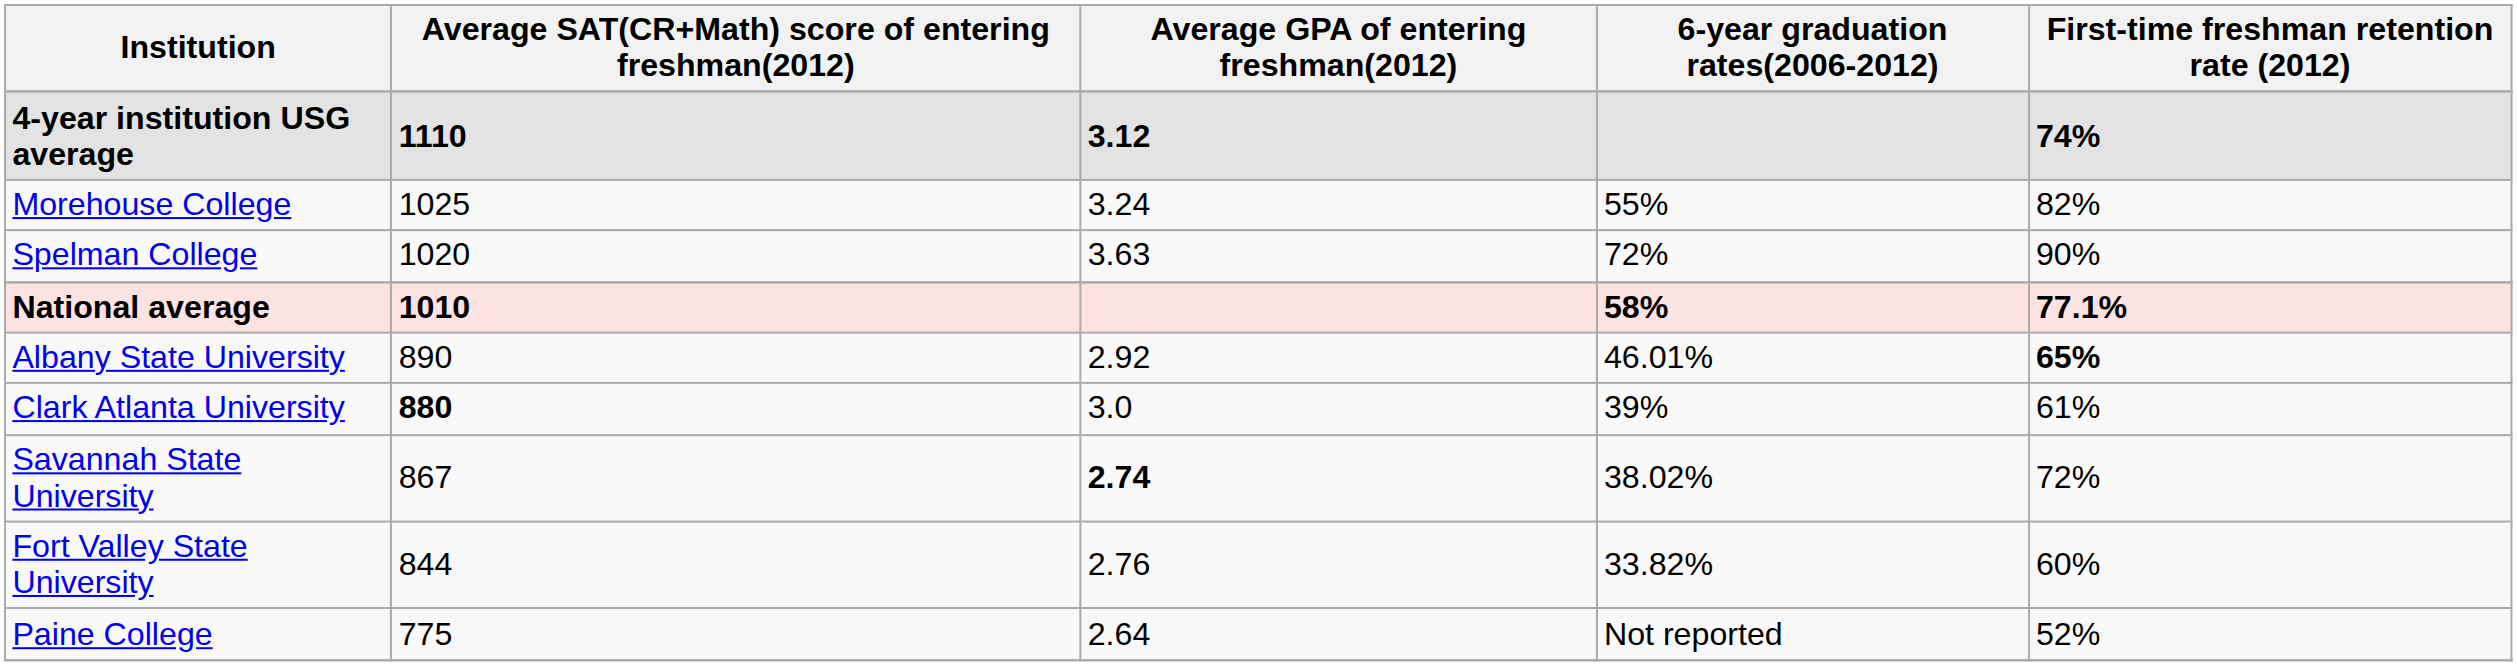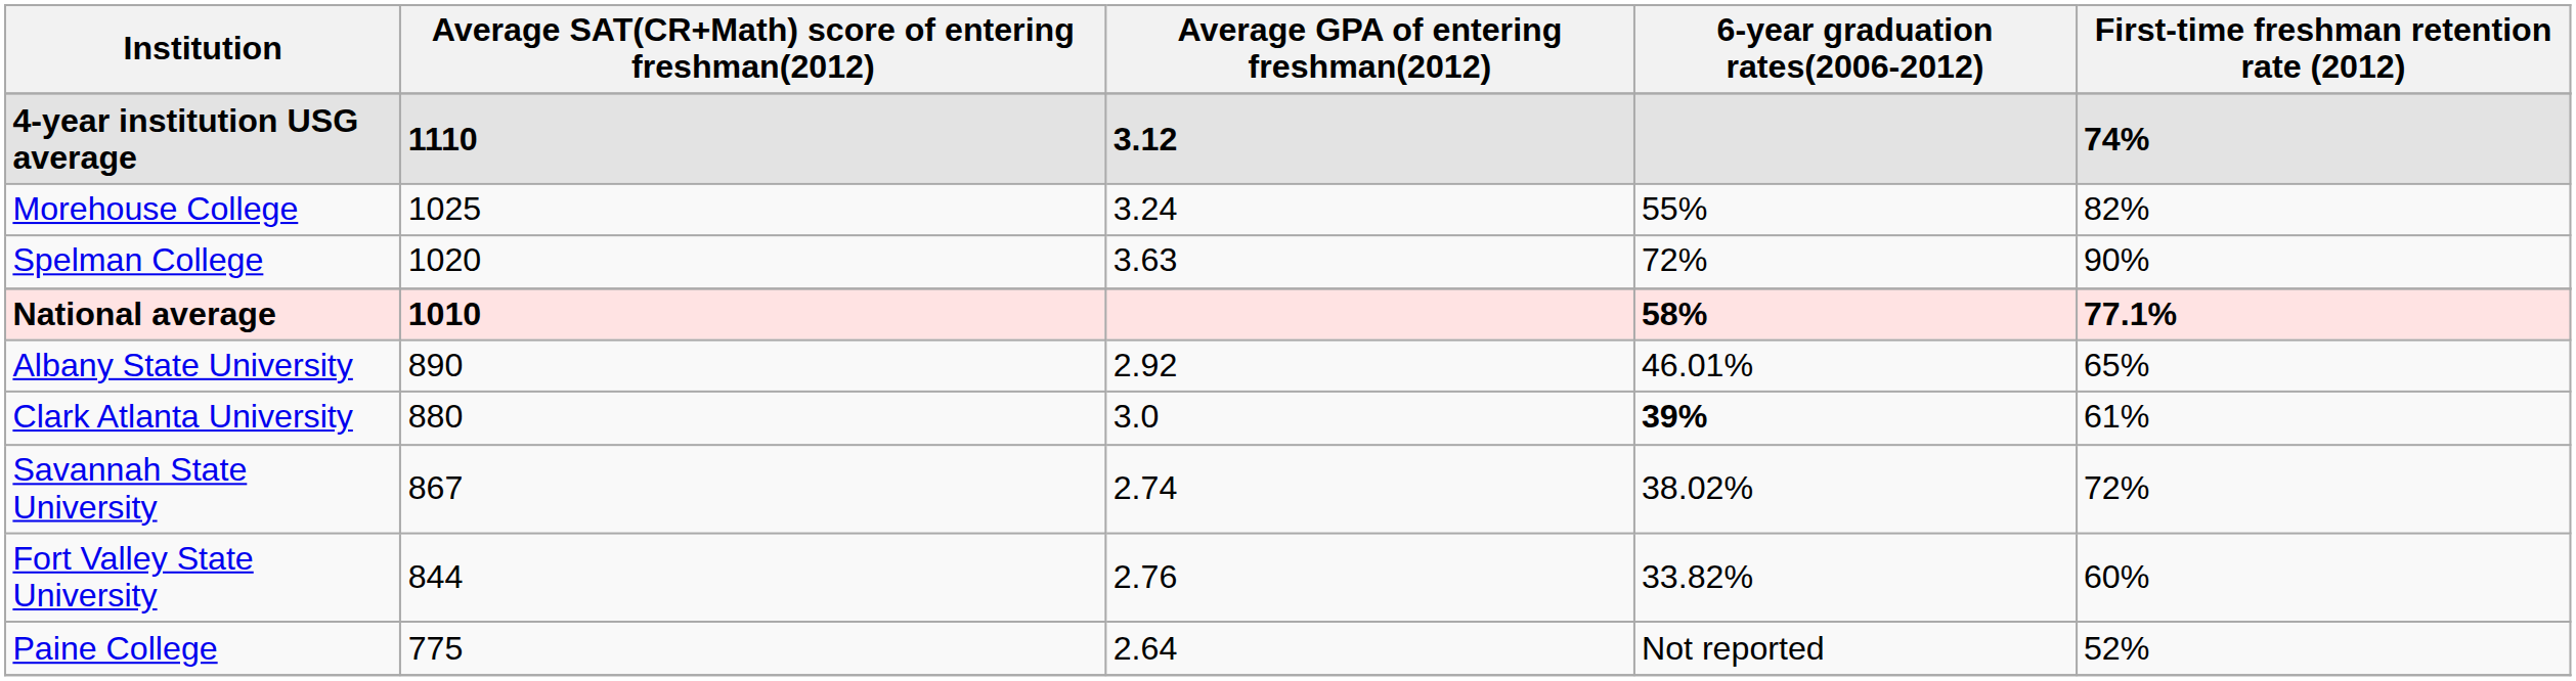 <table class="wikitable sortable">
 <tr>
 <th>Institution</th>
 <th>Average SAT(CR+Math) score of entering freshman(2012)</th>
 <th>Average GPA of entering freshman(2012)</th>
 <th>6-year graduation rates(2006-2012)</th>
 <th>First-time freshman retention rate (2012)</th>
 </tr>
 <tr>
 </tr>
 <tr bgcolor=#e3e3e3>
 <td><strong>4-year institution USG average</strong></td>
 <td><strong>1110</strong></td>
 <td><strong>3.12</strong></td>
 <td></td>
 <td><strong>74%</strong></td>
 </tr>
 <tr>
 <td><a href='#'>Morehouse College</a></td>
 <td>1025</td>
 <td>3.24</td>
 <td>55%</td>
 <td>82%</td>
 </tr>
 <tr>
 <td><a href='#'>Spelman College</a></td>
 <td>1020</td>
 <td>3.63</td>
 <td>72%</td>
 <td>90%</td>
 </tr>
 <tr>
 </tr>
 <tr bgcolor=#ffe3e3>
 <td><strong>National average</strong></td>
 <td><strong>1010</strong></td>
 <td></td>
 <td><strong>58%</strong></td>
 <td><strong>77.1%</strong></td>
 </tr>
 <tr>
 <td><a href='#'>Albany State University</a></td>
 <td>890</td>
 <td>2.92</td>
 <td>46.01%</td>
-<td><strong>65%</strong></td>
+<td>65%</td>
 </tr>
 <tr>
 <td><a href='#'>Clark Atlanta University</a></td>
-<td><strong>880</strong></td>
+<td>880</td>
 <td>3.0</td>
-<td>39%</td>
+<td><strong>39%</strong></td>
 <td>61%</td>
 </tr>
 <tr>
 <td><a href='#'>Savannah State University</a></td>
 <td>867</td>
-<td><strong>2.74</strong></td>
+<td>2.74</td>
 <td>38.02%</td>
 <td>72%</td>
 </tr>
 <tr>
 <td><a href='#'>Fort Valley State University</a></td>
 <td>844</td>
 <td>2.76</td>
 <td>33.82%</td>
 <td>60%</td>
 </tr>
 <tr>
 <td><a href='#'>Paine College</a></td>
 <td>775</td>
 <td>2.64</td>
 <td>Not reported</td>
 <td>52%</td>
 </tr>
 <tr>
 </tr>
 </table>
